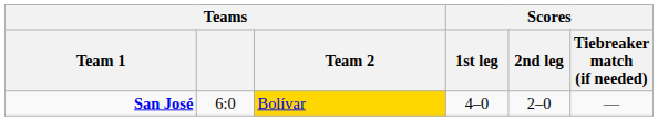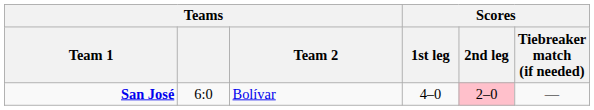 <table class="wikitable" style="text-align: center;">
 <tr>
 <th colspan=3>Teams</th>
 <th colspan=3>Scores</th>
 </tr>
 <tr>
 <th width="185">Team 1</th>
 <th width="50"></th>
 <th width="185">Team 2</th>
 <th width="55">1st leg</th>
 <th width="55">2nd leg</th>
 <th width="75">Tiebreaker match<br>(if needed)</th>
 </tr>
 <tr>
 <td align=right><strong><a href='#'>San José</a></strong></td>
 <td>6:0</td>
-<td align=left style="background: gold;"><a href='#'>Bolívar</a></td>
+<td align=left><a href='#'>Bolívar</a></td>
 <td>4–0</td>
-<td>2–0</td>
+<td style="background: pink;">2–0</td>
 <td>—</td>
 </tr>
 </table>
